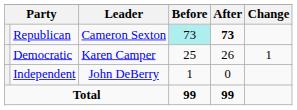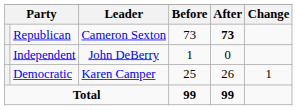 <table class="wikitable" style="text-align:center;">
 <tr>
 </tr>
 <tr>
 <th colspan=2>Party</th>
 <th>Leader</th>
 <th>Before</th>
 <th>After</th>
 <th>Change</th>
 </tr>
 <tr>
 <th style="background-color:"></th>
 <td style="text-align:left;"><a href='#'>Republican</a></td>
 <td style="text-align:left;"><a href='#'>Cameron Sexton</a></td>
-<td style="background: paleturquoise;">73</td>
+<td>73</td>
 <td><strong>73</strong></td>
+<td></td>
+</tr>
+<tr>
+<th style="background-color:"></th>
+<td><a href='#'>Independent</a></td>
+<td><a href='#'>John DeBerry</a></td>
+<td>1</td>
+<td>0</td>
 <td></td>
 </tr>
 <tr>
 <th style="background-color:"></th>
 <td style="text-align:left;"><a href='#'>Democratic</a></td>
 <td style="text-align:left;"><a href='#'>Karen Camper</a></td>
 <td>25</td>
 <td>26</td>
 <td> 1</td>
 </tr>
 <tr>
-<th style="background-color:"></th>
-<td><a href='#'>Independent</a></td>
-<td><a href='#'>John DeBerry</a></td>
-<td>1</td>
-<td>0</td>
-<td></td>
-</tr>
-<tr>
 <td colspan=3><strong>Total</strong></td>
 <td><strong>99</strong></td>
 <td><strong>99</strong></td>
 <td></td>
 </tr>
 </table>
